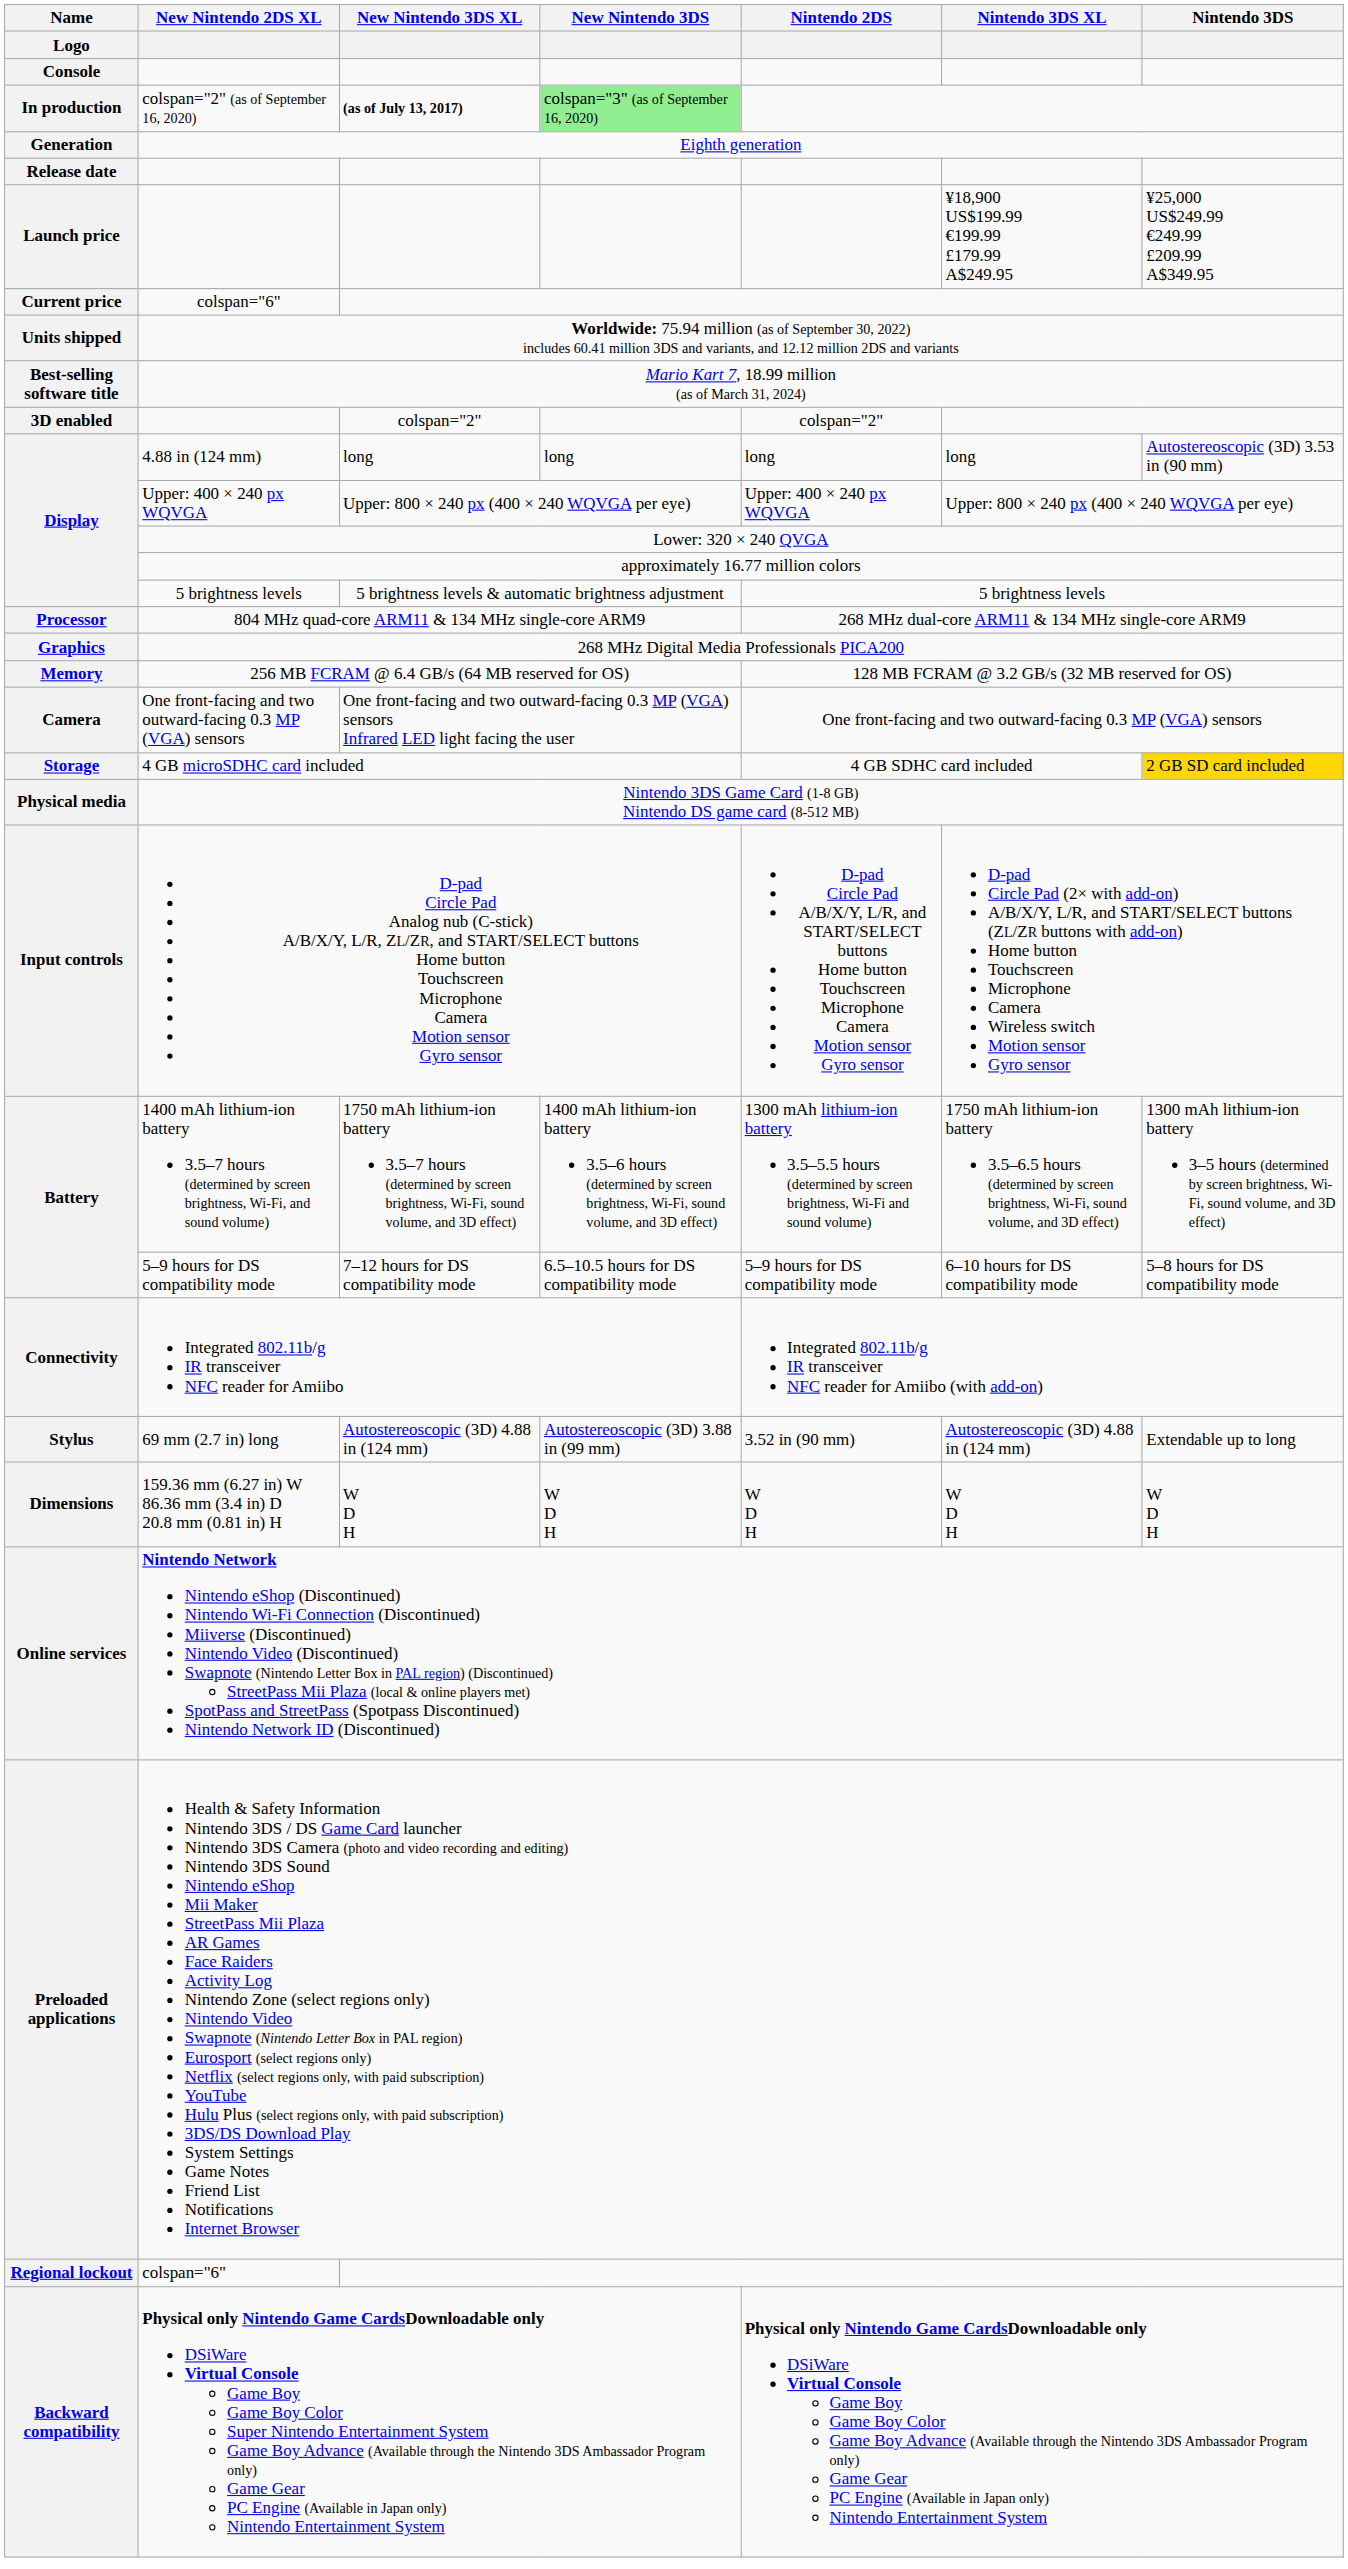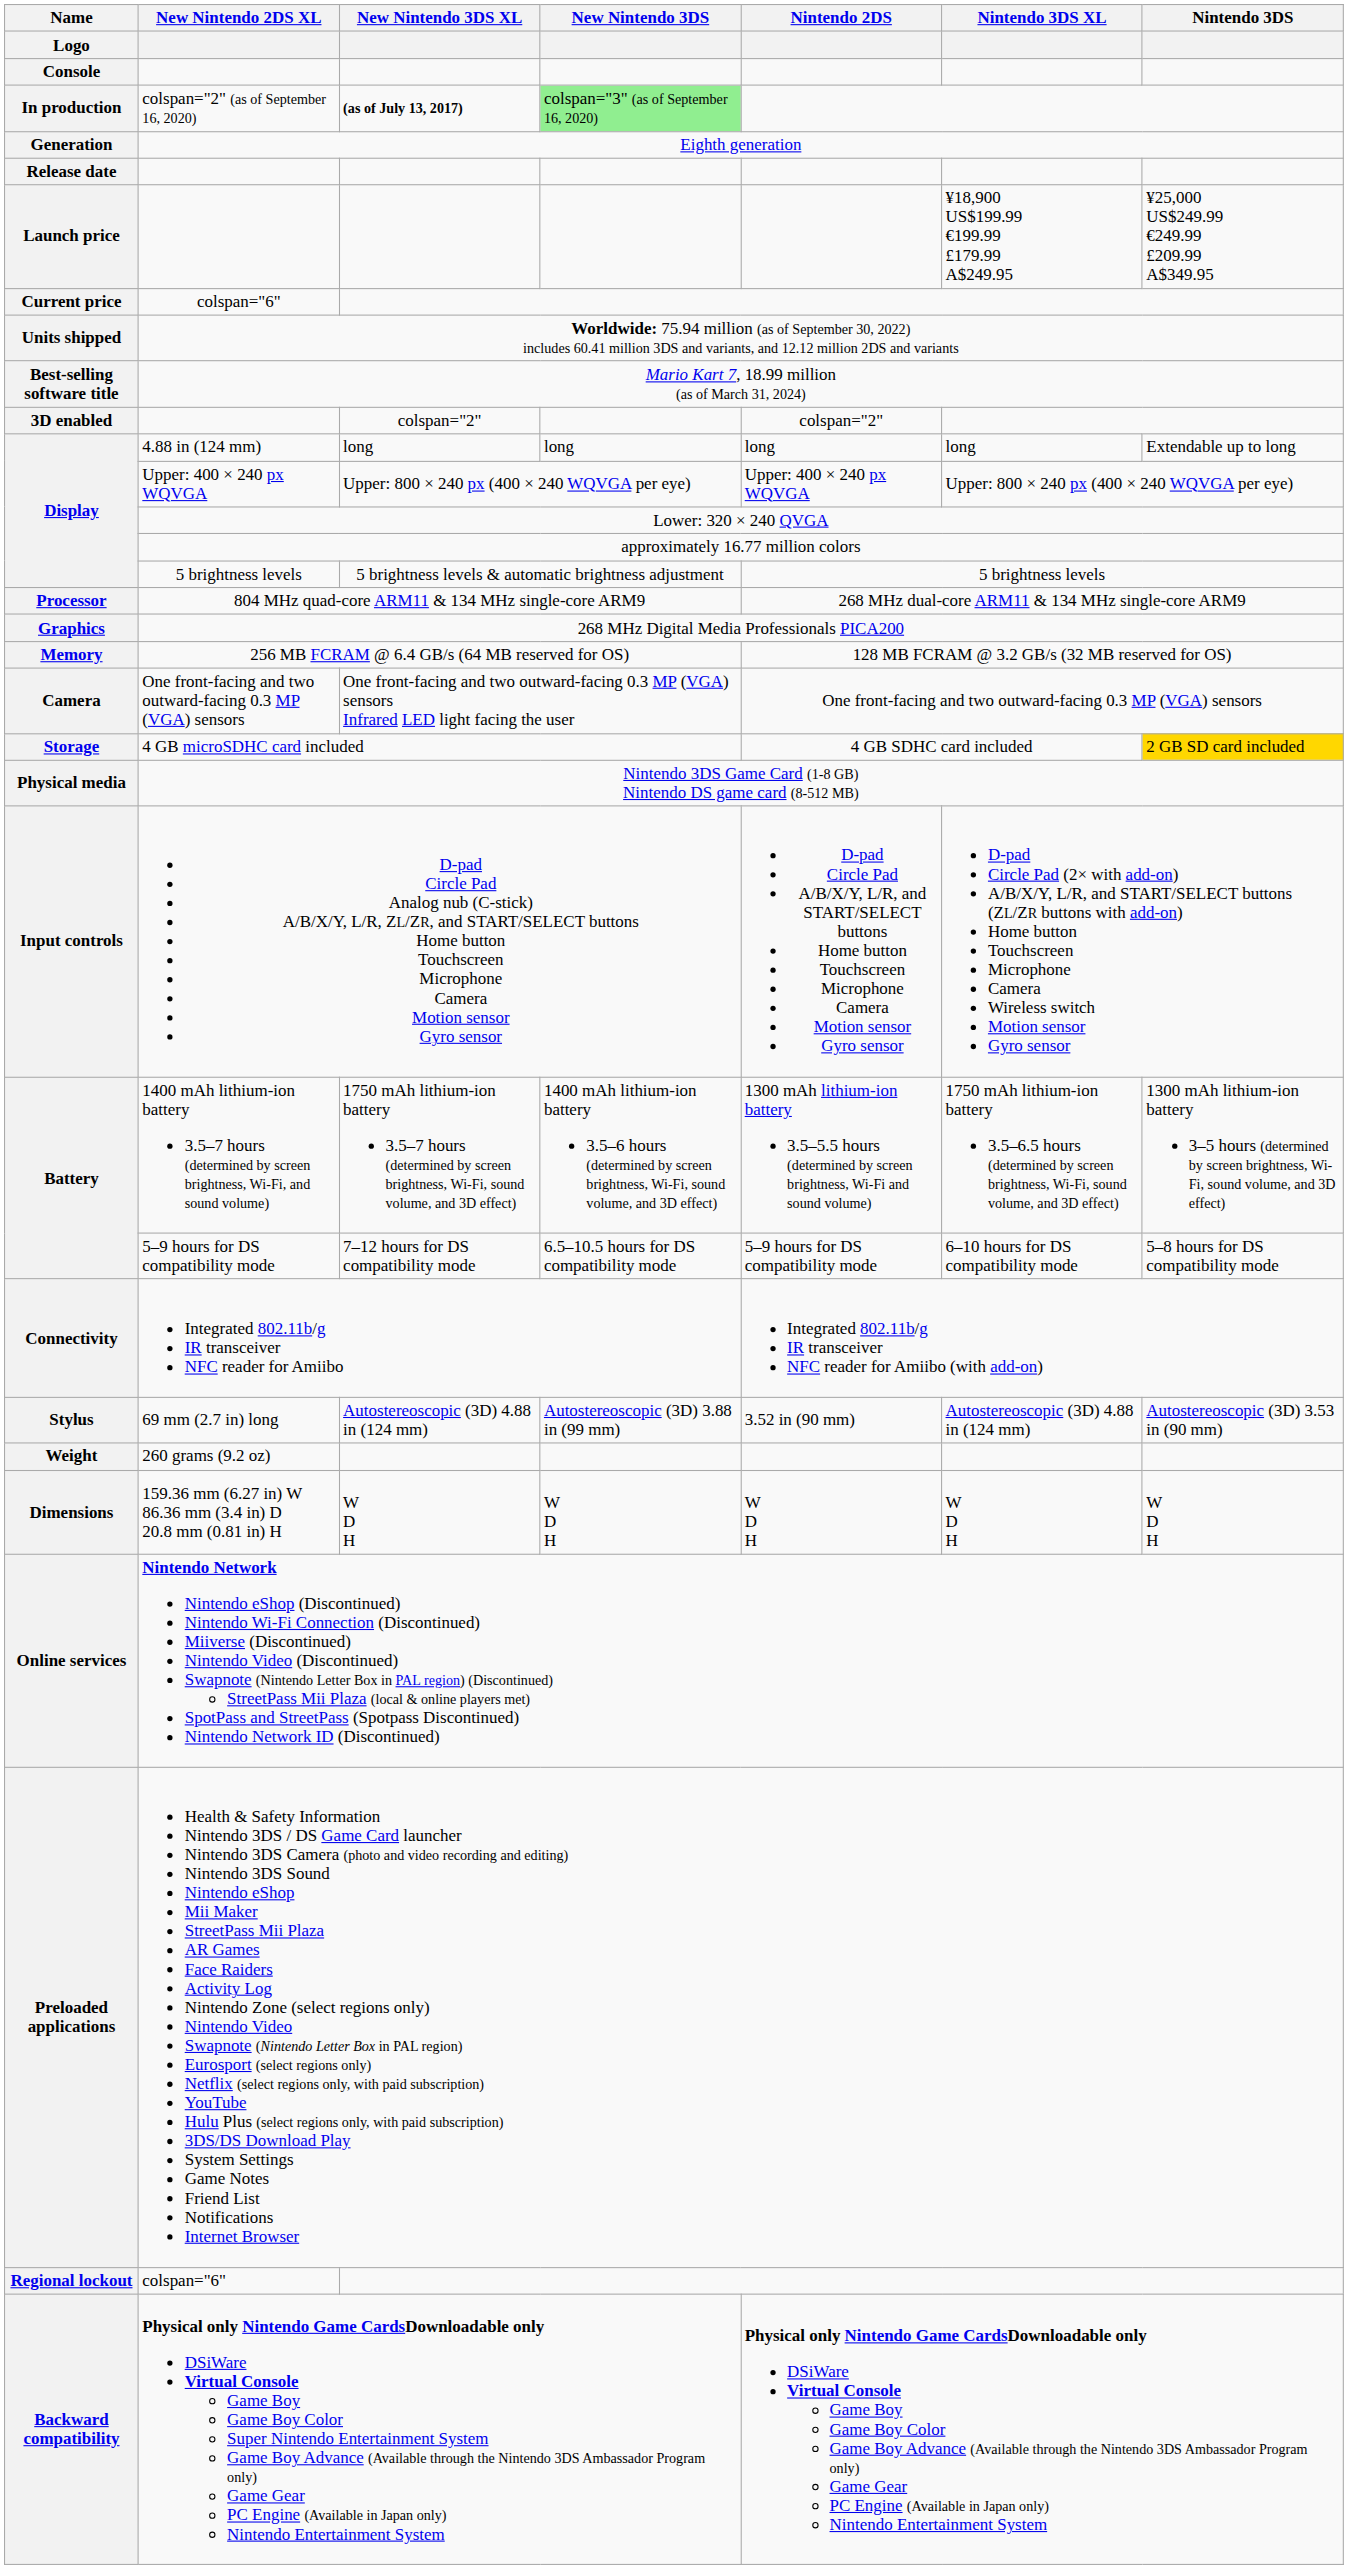 <table class="wikitable" style="width:100%;">
 <tr>
 <th style="width:10%;">Name</th>
 <th style="width:15%;"><a href='#'>New Nintendo 2DS XL</a></th>
 <th style="width:15%;"><a href='#'>New Nintendo 3DS XL</a></th>
 <th style="width:15%;"><a href='#'>New Nintendo 3DS</a></th>
 <th style="width:15%;"><a href='#'>Nintendo 2DS</a></th>
 <th style="width:15%;"><a href='#'>Nintendo 3DS XL</a></th>
 <th style="width:15%;">Nintendo 3DS</th>
 </tr>
 <tr class="skin-invert-image">
 <th>Logo</th>
 <th></th>
 <th></th>
 <th></th>
 <th></th>
 <th></th>
 <th></th>
 </tr>
 <tr style="text-align:center;">
 <th>Console</th>
 <td></td>
 <td></td>
 <td></td>
 <td></td>
 <td></td>
 <td></td>
 </tr>
 <tr>
 <th>In production</th>
 <td>colspan="2"  <small>(as of September 16, 2020)</small></td>
 <td><strong> <small>(as of July 13, 2017)</small></strong></td>
 <td style="background: lightgreen;">colspan="3"  <small>(as of September 16, 2020)</small></td>
 </tr>
 <tr style="text-align:center;">
 <th>Generation</th>
 <td colspan="6"><a href='#'>Eighth generation</a></td>
 </tr>
 <tr>
 <th>Release date</th>
 <td></td>
 <td></td>
 <td></td>
 <td></td>
 <td></td>
 <td></td>
 </tr>
 <tr>
 <th>Launch price </th>
 <td></td>
 <td></td>
 <td></td>
 <td></td>
 <td>¥18,900<br>US$199.99<br>€199.99<br>£179.99<br>A$249.95</td>
 <td>¥25,000<br>US$249.99<br>€249.99<br>£209.99<br>A$349.95</td>
 </tr>
 <tr style="text-align:center;">
 <th>Current price</th>
 <td>colspan="6" </td>
 </tr>
 <tr>
 <th>Units shipped</th>
 <td colspan="6" style="text-align:center;"><strong>Worldwide:</strong> 75.94 million <small>(as of September 30, 2022)</small><br><small>includes 60.41 million 3DS and variants, and 12.12 million 2DS and variants</small></td>
 </tr>
 <tr>
 <th>Best-selling software title</th>
 <td colspan="6" style="text-align:center;"><em><a href='#'>Mario Kart 7</a></em>, 18.99 million<br><small>(as of March 31, 2024)</small></td>
 </tr>
 <tr style="text-align:center;">
 <th>3D enabled</th>
 <td></td>
 <td>colspan="2" </td>
 <td></td>
 <td>colspan="2" </td>
 </tr>
 <tr>
 <th rowspan="5"><a href='#'>Display</a></th>
 <td>4.88 in (124 mm)</td>
 <td> long</td>
 <td> long</td>
 <td> long</td>
 <td> long</td>
-<td><a href='#'>Autostereoscopic</a> (3D) 3.53 in (90 mm)</td>
+<td>Extendable up to  long</td>
 </tr>
 <tr>
 <td>Upper: 400 × 240 <a href='#'>px</a> <a href='#'>WQVGA</a></td>
 <td colspan="2">Upper: 800 × 240 <a href='#'>px</a> (400 × 240 <a href='#'>WQVGA</a> per eye)</td>
 <td>Upper: 400 × 240 <a href='#'>px</a> <a href='#'>WQVGA</a></td>
 <td colspan="2">Upper: 800 × 240 <a href='#'>px</a> (400 × 240 <a href='#'>WQVGA</a> per eye)</td>
 </tr>
 <tr>
 <td colspan="6" style="text-align:center;">Lower: 320 × 240 <a href='#'>QVGA</a></td>
 </tr>
 <tr style="text-align:center;">
 <td colspan="6">approximately 16.77 million colors</td>
 </tr>
 <tr style="text-align:center;">
 <td>5 brightness levels</td>
 <td colspan="2">5 brightness levels & automatic brightness adjustment</td>
 <td colspan="3">5 brightness levels</td>
 </tr>
 <tr>
 <th><a href='#'>Processor</a></th>
 <td colspan="3" style="text-align:center;">804 MHz quad-core <a href='#'>ARM11</a> & 134 MHz single-core ARM9</td>
 <td colspan="3" style="text-align:center;">268 MHz dual-core <a href='#'>ARM11</a> & 134 MHz single-core ARM9</td>
 </tr>
 <tr>
 <th><a href='#'>Graphics</a></th>
 <td colspan="6" style="text-align:center;">268 MHz Digital Media Professionals <a href='#'>PICA200</a></td>
 </tr>
 <tr>
 <th><a href='#'>Memory</a></th>
 <td colspan="3" style="text-align:center;">256 MB <a href='#'>FCRAM</a> @ 6.4 GB/s (64 MB reserved for OS)</td>
 <td colspan="3" style="text-align:center;">128 MB FCRAM @ 3.2 GB/s (32 MB reserved for OS)</td>
 </tr>
 <tr>
 <th>Camera</th>
 <td>One front-facing and two outward-facing 0.3 <a href='#'>MP</a> (<a href='#'>VGA</a>) sensors</td>
 <td colspan="2">One front-facing and two outward-facing 0.3 <a href='#'>MP</a> (<a href='#'>VGA</a>) sensors<br><a href='#'>Infrared</a> <a href='#'>LED</a> light facing the user</td>
 <td colspan="3" style="text-align:center;">One front-facing and two outward-facing 0.3 <a href='#'>MP</a> (<a href='#'>VGA</a>) sensors</td>
 </tr>
 <tr>
 <th><a href='#'>Storage</a></th>
 <td colspan="3">4 GB <a href='#'>microSDHC card</a> included</td>
 <td colspan="2" style="text-align:center;">4 GB SDHC card included</td>
 <td style="background: gold;">2 GB SD card included</td>
 </tr>
 <tr>
 <th>Physical media</th>
 <td colspan="6" style="text-align:center;"><a href='#'>Nintendo 3DS Game Card</a> <small>(1-8 GB)</small><br><a href='#'>Nintendo DS game card</a> <small>(8-512 MB)</small></td>
 </tr>
 <tr>
 <th>Input controls</th>
 <td colspan="3" style="text-align:center;"><br><ul><li><a href='#'>D-pad</a></li><li><a href='#'>Circle Pad</a></li><li>Analog nub (C-stick)</li><li>A/B/X/Y, L/R, Z<small>L</small>/Z<small>R</small>, and START/SELECT buttons</li><li>Home button</li><li>Touchscreen</li><li>Microphone</li><li>Camera</li><li><a href='#'>Motion sensor</a></li><li><a href='#'>Gyro sensor</a></li></ul></td>
 <td style="text-align:center;"><br><ul><li><a href='#'>D-pad</a></li><li><a href='#'>Circle Pad</a></li><li>A/B/X/Y, L/R, and START/SELECT buttons</li><li>Home button</li><li>Touchscreen</li><li>Microphone</li><li>Camera</li><li><a href='#'>Motion sensor</a></li><li><a href='#'>Gyro sensor</a></li></ul></td>
 <td colspan="2"><br><ul><li><a href='#'>D-pad</a></li><li><a href='#'>Circle Pad</a> (2× with <a href='#'>add-on</a>)</li><li>A/B/X/Y, L/R, and START/SELECT buttons (Z<small>L</small>/Z<small>R</small> buttons with <a href='#'>add-on</a>)</li><li>Home button</li><li>Touchscreen</li><li>Microphone</li><li>Camera</li><li>Wireless switch</li><li><a href='#'>Motion sensor</a></li><li><a href='#'>Gyro sensor</a></li></ul></td>
 </tr>
 <tr>
 <th rowspan="2">Battery</th>
 <td>1400 mAh lithium-ion battery<br><ul><li>3.5–7 hours <small>(determined by screen brightness, Wi-Fi, and sound volume)</small></li></ul></td>
 <td>1750 mAh lithium-ion battery<br><ul><li>3.5–7 hours <small>(determined by screen brightness, Wi-Fi, sound volume, and 3D effect)</small></li></ul></td>
 <td>1400 mAh lithium-ion battery<br><ul><li>3.5–6 hours <small>(determined by screen brightness, Wi-Fi, sound volume, and 3D effect)</small></li></ul></td>
 <td>1300 mAh <a href='#'>lithium-ion battery</a><br><ul><li>3.5–5.5 hours <small>(determined by screen brightness, Wi-Fi and sound volume)</small></li></ul></td>
 <td>1750 mAh lithium-ion battery<br><ul><li>3.5–6.5 hours <small>(determined by screen brightness, Wi-Fi, sound volume, and 3D effect)</small></li></ul></td>
 <td>1300 mAh lithium-ion battery<br><ul><li>3–5 hours <small>(determined by screen brightness, Wi-Fi, sound volume, and 3D effect)</small></li></ul></td>
 </tr>
 <tr>
 <td>5–9 hours for DS compatibility mode</td>
 <td>7–12 hours for DS compatibility mode</td>
 <td>6.5–10.5 hours for DS compatibility mode</td>
 <td>5–9 hours for DS compatibility mode</td>
 <td>6–10 hours for DS compatibility mode</td>
 <td>5–8 hours for DS compatibility mode</td>
 </tr>
 <tr>
 <th>Connectivity</th>
 <td colspan="3"><br><ul><li>Integrated <a href='#'>802.11b</a>/<a href='#'>g</a></li><li><a href='#'>IR</a> transceiver</li><li><a href='#'>NFC</a> reader for Amiibo</li></ul></td>
 <td colspan="3"><br><ul><li>Integrated <a href='#'>802.11b</a>/<a href='#'>g</a></li><li><a href='#'>IR</a> transceiver</li><li><a href='#'>NFC</a> reader for Amiibo (with <a href='#'>add-on</a>)</li></ul></td>
 </tr>
 <tr>
 <th>Stylus</th>
 <td>69 mm (2.7 in) long</td>
 <td><a href='#'>Autostereoscopic</a> (3D) 4.88 in (124 mm)</td>
 <td><a href='#'>Autostereoscopic</a> (3D) 3.88 in (99 mm)</td>
 <td>3.52 in (90 mm)</td>
 <td><a href='#'>Autostereoscopic</a> (3D) 4.88 in (124 mm)</td>
-<td>Extendable up to  long</td>
+<td><a href='#'>Autostereoscopic</a> (3D) 3.53 in (90 mm)</td>
+</tr>
+<tr>
+<th>Weight</th>
+<td>260 grams (9.2 oz)</td>
+<td></td>
+<td></td>
+<td></td>
+<td></td>
+<td></td>
 </tr>
 <tr>
 <th>Dimensions</th>
 <td>159.36 mm (6.27 in) W<br>86.36 mm (3.4 in) D<br>20.8 mm (0.81 in) H</td>
 <td><br> W <br>  D <br>  H</td>
 <td><br> W <br>  D <br>  H</td>
 <td><br> W <br>  D <br>  H</td>
 <td><br> W <br>  D <br>  H</td>
 <td><br> W <br>  D <br>  H</td>
 </tr>
 <tr>
 <th>Online services</th>
 <td colspan="6"><strong><a href='#'>Nintendo Network</a></strong><br><ul><li><a href='#'>Nintendo eShop</a> (Discontinued)</li><li><a href='#'>Nintendo Wi-Fi Connection</a> (Discontinued)</li><li><a href='#'>Miiverse</a> (Discontinued)</li><li><a href='#'>Nintendo Video</a> (Discontinued)</li><li><a href='#'>Swapnote</a> <small>(Nintendo Letter Box in <a href='#'>PAL region</a>) (Discontinued)</small><ul><li><a href='#'>StreetPass Mii Plaza</a> <small>(local & online players met)</small></li></ul></li><li><a href='#'>SpotPass and StreetPass</a> (Spotpass Discontinued)</li><li><a href='#'>Nintendo Network ID</a> (Discontinued)</li></ul></td>
 </tr>
 <tr>
 <th>Preloaded applications</th>
 <td colspan="6"><br><ul><li>Health & Safety Information</li><li>Nintendo 3DS / DS <a href='#'>Game Card</a> launcher</li><li>Nintendo 3DS Camera <small>(photo and video recording and editing)</small></li><li>Nintendo 3DS Sound</li><li><a href='#'>Nintendo eShop</a></li><li><a href='#'>Mii Maker</a></li><li><a href='#'>StreetPass Mii Plaza</a></li><li><a href='#'>AR Games</a></li><li><a href='#'>Face Raiders</a></li><li><a href='#'>Activity Log</a></li><li>Nintendo Zone (select regions only)</li><li><a href='#'>Nintendo Video</a></li><li><a href='#'>Swapnote</a> <small>(<em>Nintendo Letter Box</em> in PAL region)</small></li><li><a href='#'>Eurosport</a> <small>(select regions only)</small></li><li><a href='#'>Netflix</a> <small>(select regions only, with paid subscription)</small></li><li><a href='#'>YouTube</a></li><li><a href='#'>Hulu</a> Plus <small>(select regions only, with paid subscription)</small></li><li><a href='#'>3DS/DS Download Play</a></li><li>System Settings</li><li>Game Notes</li><li>Friend List</li><li>Notifications</li><li><a href='#'>Internet Browser</a></li></ul></td>
 </tr>
 <tr>
 <th><a href='#'>Regional lockout</a></th>
 <td>colspan="6" </td>
 </tr>
 <tr>
 <th><a href='#'>Backward compatibility</a></th>
 <td colspan="3"><br><strong>Physical only</strong> <strong><a href='#'>Nintendo Game Cards</a></strong><strong>Downloadable only</strong><ul><li><a href='#'>DSiWare</a></li><li><strong><a href='#'>Virtual Console</a></strong><ul><li><a href='#'>Game Boy</a></li><li><a href='#'>Game Boy Color</a></li><li><a href='#'>Super Nintendo Entertainment System</a></li><li><a href='#'>Game Boy Advance</a> <small>(Available through the Nintendo 3DS Ambassador Program only)</small></li><li><a href='#'>Game Gear</a></li><li><a href='#'>PC Engine</a> <small>(Available in Japan only)</small></li><li><a href='#'>Nintendo Entertainment System</a></li></ul></li></ul></td>
 <td colspan="3"><br><strong>Physical only</strong> <strong><a href='#'>Nintendo Game Cards</a></strong><strong>Downloadable only</strong><ul><li><a href='#'>DSiWare</a></li><li><strong><a href='#'>Virtual Console</a></strong><ul><li><a href='#'>Game Boy</a></li><li><a href='#'>Game Boy Color</a></li><li><a href='#'>Game Boy Advance</a> <small>(Available through the Nintendo 3DS Ambassador Program only)</small></li><li><a href='#'>Game Gear</a></li><li><a href='#'>PC Engine</a> <small>(Available in Japan only)</small></li><li><a href='#'>Nintendo Entertainment System</a></li></ul></li></ul></td>
 </tr>
 </table>
